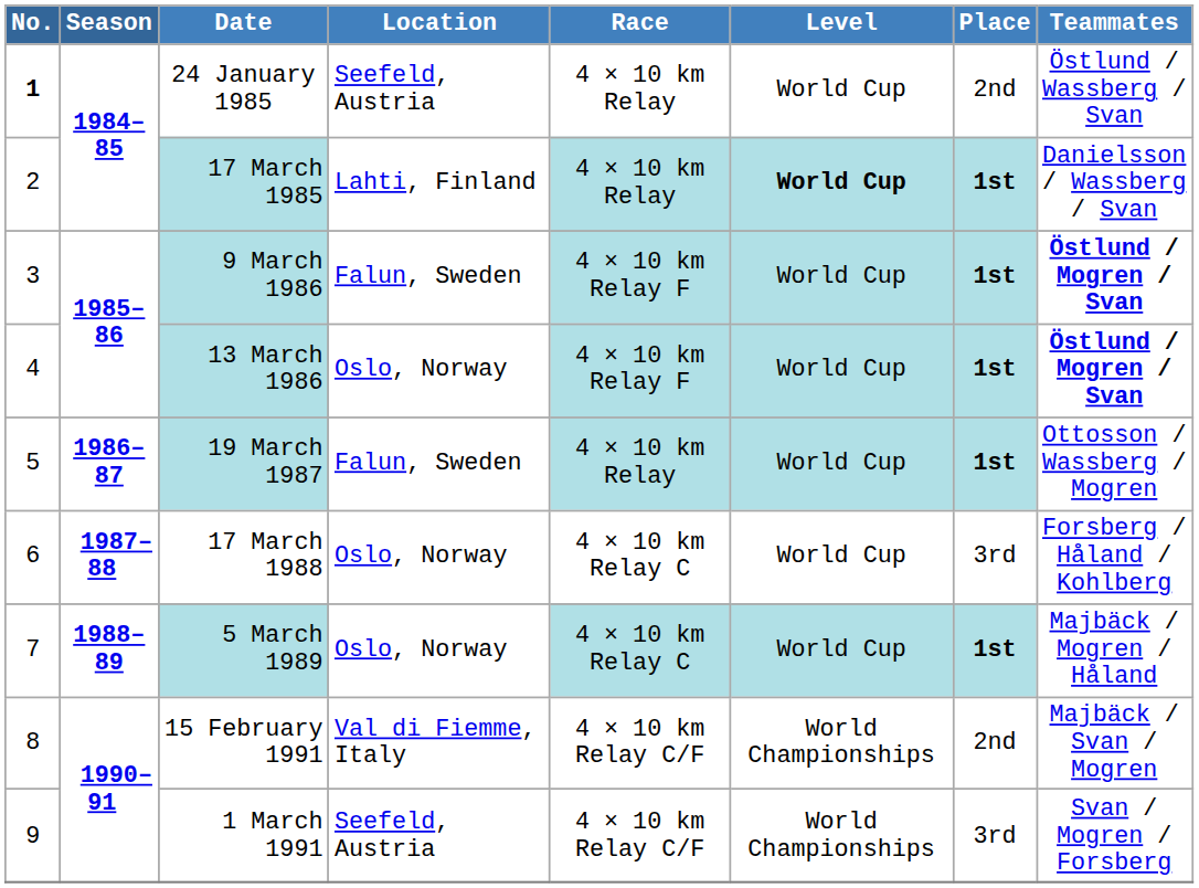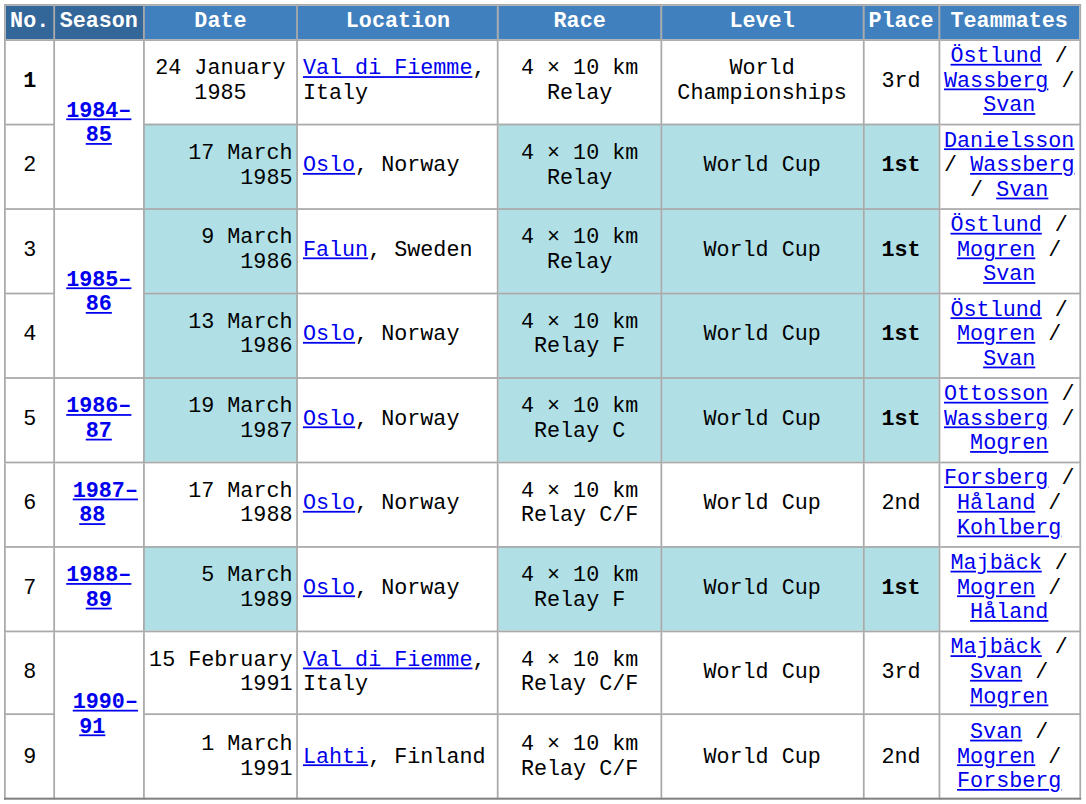 <table class="wikitable sortable" style="font-size:95%; text-align:center; border:grey solid 1px; border-collapse:collapse; background:#ffffff;">
 <tr style="background:#efefef;">
 <th style="background-color:#369; color:white;">No.</th>
 <th style="background-color:#369; color:white;">Season</th>
 <th style="background-color:#4180be; color:white; width:120px;">Date</th>
 <th style="background-color:#4180be; color:white; width:190px;">Location</th>
 <th style="background-color:#4180be; color:white; width:170px;">Race</th>
 <th style="background-color:#4180be; color:white; width:130px;">Level</th>
 <th style="background-color:#4180be; color:white;">Place</th>
 <th style="background-color:#4180be; color:white;">Teammates</th>
 </tr>
 <tr>
 <td align=center><strong>1</strong></td>
 <td rowspan=2 align=center><strong><a href='#'>1984–85</a></strong></td>
 <td>24 January 1985</td>
-<td align=left> <a href='#'>Seefeld</a>, Austria</td>
+<td align=left> <a href='#'>Val di Fiemme</a>, Italy</td>
 <td>4 × 10 km Relay</td>
-<td>World Cup</td>
-<td>2nd</td>
+<td>World Championships</td>
+<td>3rd</td>
 <td><a href='#'>Östlund</a> / <a href='#'>Wassberg</a> / <a href='#'>Svan</a></td>
 </tr>
 <tr>
 <td align=center>2</td>
 <td bgcolor="#BOEOE6" align=right>17 March 1985</td>
-<td align=left> <a href='#'>Lahti</a>, Finland</td>
+<td align=left> <a href='#'>Oslo</a>, Norway</td>
 <td bgcolor="#BOEOE6">4 × 10 km Relay</td>
-<td bgcolor="#BOEOE6"><strong>World Cup</strong></td>
+<td bgcolor="#BOEOE6">World Cup</td>
 <td bgcolor="#BOEOE6"><strong>1st</strong></td>
 <td><a href='#'>Danielsson</a> / <a href='#'>Wassberg</a> / <a href='#'>Svan</a></td>
 </tr>
 <tr>
 <td align=center>3</td>
 <td rowspan=2 align=center><strong><a href='#'>1985–86</a></strong></td>
 <td bgcolor="#BOEOE6" align=right>9 March 1986</td>
 <td align=left> <a href='#'>Falun</a>, Sweden</td>
-<td bgcolor="#BOEOE6">4 × 10 km Relay F</td>
+<td bgcolor="#BOEOE6">4 × 10 km Relay</td>
 <td bgcolor="#BOEOE6">World Cup</td>
 <td bgcolor="#BOEOE6"><strong>1st</strong></td>
-<td><strong><a href='#'>Östlund</a> / <a href='#'>Mogren</a> / <a href='#'>Svan</a></strong></td>
+<td><a href='#'>Östlund</a> / <a href='#'>Mogren</a> / <a href='#'>Svan</a></td>
 </tr>
 <tr>
 <td align=center>4</td>
 <td bgcolor="#BOEOE6" align=right>13 March 1986</td>
 <td align=left> <a href='#'>Oslo</a>, Norway</td>
 <td bgcolor="#BOEOE6">4 × 10 km Relay F</td>
 <td bgcolor="#BOEOE6">World Cup</td>
 <td bgcolor="#BOEOE6"><strong>1st</strong></td>
-<td><strong><a href='#'>Östlund</a> / <a href='#'>Mogren</a> / <a href='#'>Svan</a></strong></td>
+<td><a href='#'>Östlund</a> / <a href='#'>Mogren</a> / <a href='#'>Svan</a></td>
 </tr>
 <tr>
 <td align=center>5</td>
 <td rowspan=1 align=center><strong><a href='#'>1986–87</a></strong></td>
 <td bgcolor="#BOEOE6" align=right>19 March 1987</td>
-<td align=left> <a href='#'>Falun</a>, Sweden</td>
-<td bgcolor="#BOEOE6">4 × 10 km Relay</td>
+<td align=left> <a href='#'>Oslo</a>, Norway</td>
+<td bgcolor="#BOEOE6">4 × 10 km Relay C</td>
 <td bgcolor="#BOEOE6">World Cup</td>
 <td bgcolor="#BOEOE6"><strong>1st</strong></td>
 <td><a href='#'>Ottosson</a> / <a href='#'>Wassberg</a> / <a href='#'>Mogren</a></td>
 </tr>
 <tr>
 <td align=center>6</td>
 <td rowspan=1 align=center><strong> <a href='#'>1987–88</a> </strong></td>
 <td align=right>17 March 1988</td>
 <td align=left> <a href='#'>Oslo</a>, Norway</td>
-<td>4 × 10 km Relay C</td>
+<td>4 × 10 km Relay C/F</td>
 <td>World Cup</td>
-<td>3rd</td>
+<td>2nd</td>
 <td><a href='#'>Forsberg</a> / <a href='#'>Håland</a> / <a href='#'>Kohlberg</a></td>
 </tr>
 <tr>
 <td align=center>7</td>
 <td rowspan=1 align=center><strong><a href='#'>1988–89</a></strong></td>
 <td bgcolor="#BOEOE6" align=right>5 March 1989</td>
 <td align=left> <a href='#'>Oslo</a>, Norway</td>
-<td bgcolor="#BOEOE6">4 × 10 km Relay C</td>
+<td bgcolor="#BOEOE6">4 × 10 km Relay F</td>
 <td bgcolor="#BOEOE6">World Cup</td>
 <td bgcolor="#BOEOE6"><strong>1st</strong></td>
 <td><a href='#'>Majbäck</a> / <a href='#'>Mogren</a> / <a href='#'>Håland</a></td>
 </tr>
 <tr>
 <td align=center>8</td>
 <td rowspan=2 align=center><strong> <a href='#'>1990–91</a> </strong></td>
 <td align=right>15 February 1991</td>
 <td align=left> <a href='#'>Val di Fiemme</a>, Italy</td>
 <td>4 × 10 km Relay C/F</td>
-<td>World Championships</td>
-<td>2nd</td>
+<td>World Cup</td>
+<td>3rd</td>
 <td><a href='#'>Majbäck</a> / <a href='#'>Svan</a> / <a href='#'>Mogren</a></td>
 </tr>
 <tr>
 <td align=center>9</td>
 <td align=right>1 March 1991</td>
-<td align=left> <a href='#'>Seefeld</a>, Austria</td>
+<td align=left> <a href='#'>Lahti</a>, Finland</td>
 <td>4 × 10 km Relay C/F</td>
-<td>World Championships</td>
-<td>3rd</td>
+<td>World Cup</td>
+<td>2nd</td>
 <td><a href='#'>Svan</a> / <a href='#'>Mogren</a> / <a href='#'>Forsberg</a></td>
 </tr>
 <tr>
 </tr>
 </table>
